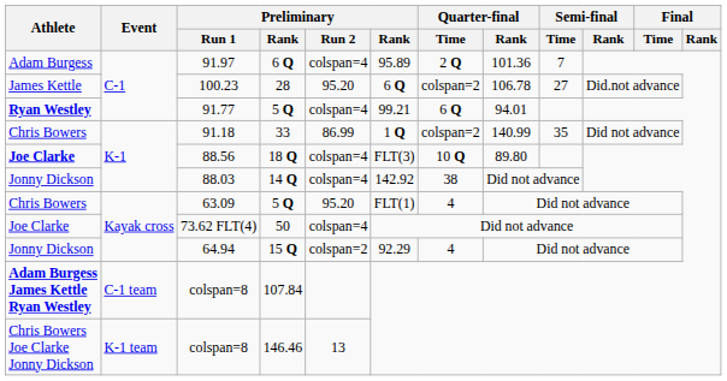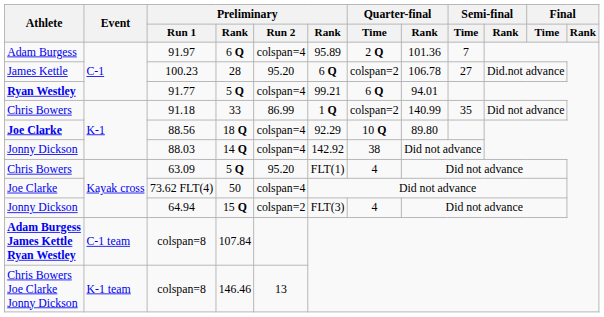 <table class=wikitable style=font-size:90%;text-align:center>
 <tr>
 <th rowspan=2>Athlete</th>
 <th rowspan=2>Event</th>
 <th colspan=4>Preliminary</th>
 <th colspan=2>Quarter-final</th>
 <th colspan=2>Semi-final</th>
 <th colspan=2>Final</th>
 </tr>
 <tr style=font-size:95%>
 <th>Run 1</th>
 <th>Rank</th>
 <th>Run 2</th>
 <th>Rank</th>
 <th>Time</th>
 <th>Rank</th>
 <th>Time</th>
 <th>Rank</th>
 <th>Time</th>
 <th>Rank</th>
 </tr>
 <tr>
 <td align=left><a href='#'>Adam Burgess</a></td>
 <td align=left rowspan=3><a href='#'>C-1</a></td>
 <td>91.97</td>
 <td>6 <strong>Q</strong></td>
 <td>colspan=4 </td>
 <td>95.89</td>
 <td>2 <strong>Q</strong></td>
 <td>101.36</td>
 <td>7</td>
 </tr>
 <tr>
 <td align=left><a href='#'>James Kettle</a></td>
 <td>100.23</td>
 <td>28</td>
 <td>95.20</td>
 <td>6 <strong>Q</strong></td>
 <td>colspan=2 </td>
 <td>106.78</td>
 <td>27</td>
 <td colspan=2>Did.not advance</td>
 </tr>
 <tr>
 <td align=left><strong><a href='#'>Ryan Westley</a></strong></td>
 <td>91.77</td>
 <td>5 <strong>Q</strong></td>
 <td>colspan=4 </td>
 <td>99.21</td>
 <td>6 <strong>Q</strong></td>
 <td>94.01</td>
 <td></td>
 </tr>
 <tr>
 <td align=left><a href='#'>Chris Bowers</a></td>
 <td align=left rowspan=3><a href='#'>K-1</a></td>
 <td>91.18</td>
 <td>33</td>
 <td>86.99</td>
 <td>1 <strong>Q</strong></td>
 <td>colspan=2 </td>
 <td>140.99</td>
 <td>35</td>
 <td colspan=2>Did not advance</td>
 </tr>
 <tr>
 <td align=left><strong><a href='#'>Joe Clarke</a></strong></td>
 <td>88.56</td>
 <td>18 <strong>Q</strong></td>
 <td>colspan=4 </td>
-<td>FLT(3)</td>
+<td>92.29</td>
 <td>10 <strong>Q</strong></td>
 <td>89.80</td>
 <td></td>
 </tr>
 <tr>
 <td align=left><a href='#'>Jonny Dickson</a></td>
 <td>88.03</td>
 <td>14 <strong>Q</strong></td>
 <td>colspan=4 </td>
 <td>142.92</td>
 <td>38</td>
 <td colspan=2>Did not advance</td>
 </tr>
 <tr>
 <td align=left><a href='#'>Chris Bowers</a></td>
 <td align=left rowspan=3><a href='#'>Kayak cross</a></td>
 <td>63.09</td>
 <td>5 <strong>Q</strong></td>
 <td>95.20</td>
 <td>FLT(1)</td>
 <td>4</td>
 <td colspan=4>Did not advance</td>
 </tr>
 <tr>
 <td align=left><a href='#'>Joe Clarke</a></td>
 <td>73.62 FLT(4)</td>
 <td>50</td>
 <td>colspan=4 </td>
 <td colspan=6>Did not advance</td>
 </tr>
 <tr>
 <td align=left><a href='#'>Jonny Dickson</a></td>
 <td>64.94</td>
 <td>15 <strong>Q</strong></td>
 <td>colspan=2 </td>
-<td>92.29</td>
+<td>FLT(3)</td>
 <td>4</td>
 <td colspan=4>Did not advance</td>
 </tr>
 <tr>
 <td align=left><strong><a href='#'>Adam Burgess</a></strong><br><strong><a href='#'>James Kettle</a></strong><br><strong><a href='#'>Ryan Westley</a></strong></td>
 <td align=left><a href='#'>C-1 team</a></td>
 <td>colspan=8 </td>
 <td>107.84</td>
 <td></td>
 </tr>
 <tr>
 <td align=left><a href='#'>Chris Bowers</a><br><a href='#'>Joe Clarke</a><br><a href='#'>Jonny Dickson</a></td>
 <td align=left><a href='#'>K-1 team</a></td>
 <td>colspan=8 </td>
 <td>146.46</td>
 <td>13</td>
 </tr>
 </table>
